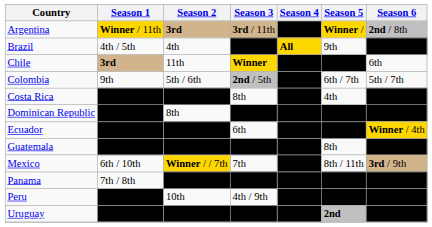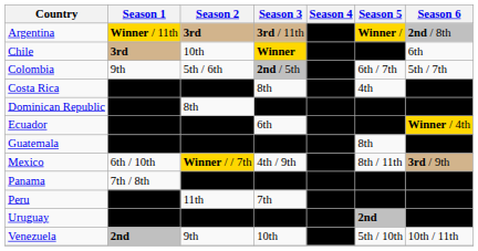 <table class="wikitable sortable" style="margin:auto;"style="align:left;">
 <tr>
 <th>Country</th>
 <th><a href='#'>Season 1</a></th>
 <th><a href='#'>Season 2</a></th>
 <th><a href='#'>Season 3</a></th>
 <th><a href='#'>Season 4</a></th>
 <th><a href='#'>Season 5</a></th>
 <th><a href='#'>Season 6</a></th>
 </tr>
 <tr>
 <td><a href='#'>Argentina</a></td>
 <td bgcolor="gold"><strong>Winner</strong> / 11th</td>
 <td bgcolor="tan"><strong>3rd</strong></td>
 <td bgcolor="tan"><strong>3rd</strong> / 11th</td>
 <td bgcolor="black"></td>
 <td bgcolor="gold"><strong>Winner</strong> /  </td>
 <td bgcolor="silver"><strong>2nd</strong> / 8th</td>
 </tr>
 <tr>
-<td><a href='#'>Brazil</a></td>
-<td>4th / 5th</td>
-<td>4th</td>
-<td bgcolor="black"></td>
-<td bgcolor="gold"><strong>All</strong></td>
-<td>9th</td>
-<td bgcolor="black"></td>
-</tr>
-<tr>
 <td><a href='#'>Chile</a></td>
 <td bgcolor="tan"><strong>3rd</strong></td>
-<td>11th</td>
+<td>10th</td>
 <td bgcolor="gold"><strong>Winner</strong></td>
 <td bgcolor="black"></td>
 <td bgcolor="black"></td>
 <td>6th</td>
 </tr>
 <tr>
 <td><a href='#'>Colombia</a></td>
 <td>9th</td>
 <td>5th / 6th</td>
 <td bgcolor="silver"><strong>2nd</strong> / 5th</td>
 <td bgcolor="black"></td>
 <td>6th / 7th</td>
 <td>5th / 7th</td>
 </tr>
 <tr>
 <td><a href='#'>Costa Rica</a></td>
 <td bgcolor="black"></td>
 <td bgcolor="black"></td>
 <td>8th</td>
 <td bgcolor="black"></td>
 <td>4th</td>
 <td bgcolor="black"></td>
 </tr>
 <tr>
 <td><a href='#'>Dominican Republic</a></td>
 <td bgcolor="black"></td>
 <td>8th</td>
 <td bgcolor="black"></td>
 <td bgcolor="black"></td>
 <td bgcolor="black"></td>
 <td bgcolor="black"></td>
 </tr>
 <tr>
 <td><a href='#'>Ecuador</a></td>
 <td bgcolor="black"></td>
 <td bgcolor="black"></td>
 <td>6th</td>
 <td bgcolor="black"></td>
 <td bgcolor="black"></td>
 <td bgcolor="gold"><strong>Winner</strong> / 4th</td>
 </tr>
 <tr>
 <td><a href='#'>Guatemala</a></td>
 <td bgcolor="black"></td>
 <td bgcolor="black"></td>
 <td bgcolor="black"></td>
 <td bgcolor="black"></td>
 <td>8th</td>
 <td bgcolor="black"></td>
 </tr>
 <tr>
 <td><a href='#'>Mexico</a></td>
 <td>6th / 10th</td>
 <td bgcolor="gold"><strong>Winner</strong> / <strong></strong>  / 7th</td>
-<td>7th</td>
+<td>4th / 9th</td>
 <td bgcolor="black"></td>
 <td>8th / 11th</td>
 <td bgcolor="tan"><strong>3rd</strong> / 9th</td>
 </tr>
 <tr>
 <td><a href='#'>Panama</a></td>
 <td>7th / 8th</td>
 <td bgcolor="black"></td>
 <td bgcolor="black"></td>
 <td bgcolor="black"></td>
 <td bgcolor="black"></td>
 <td bgcolor="black"></td>
 </tr>
 <tr>
 <td><a href='#'>Peru</a></td>
 <td bgcolor="black"></td>
-<td>10th</td>
-<td>4th / 9th</td>
+<td>11th</td>
+<td>7th</td>
 <td bgcolor="black"></td>
 <td bgcolor="black"></td>
 <td bgcolor="black"></td>
 </tr>
 <tr>
 <td><a href='#'>Uruguay</a></td>
 <td bgcolor="black"></td>
 <td bgcolor="black"></td>
 <td bgcolor="black"></td>
 <td bgcolor="black"></td>
 <td bgcolor="silver"><strong>2nd</strong></td>
 <td bgcolor="black"></td>
 </tr>
 <tr>
+<td><a href='#'>Venezuela</a></td>
+<td bgcolor="silver"><strong>2nd</strong></td>
+<td>9th</td>
+<td>10th</td>
+<td bgcolor="black"></td>
+<td>5th / 10th</td>
+<td>10th / 11th</td>
+</tr>
+<tr>
 </tr>
 </table>
